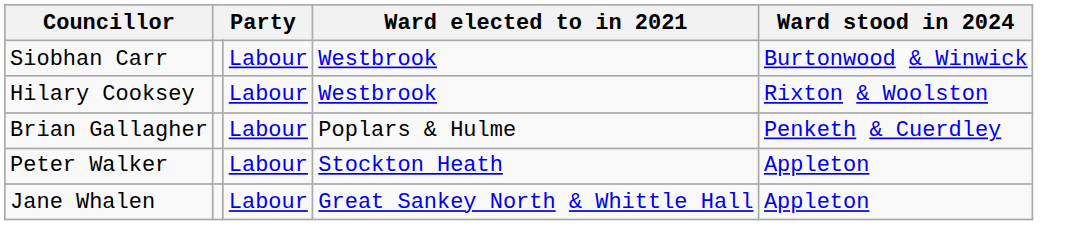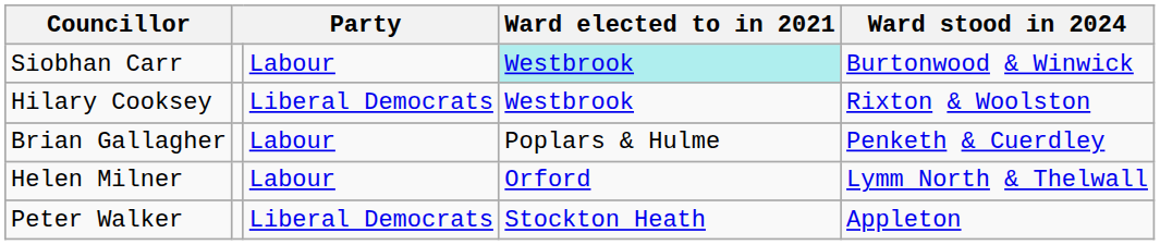 <table class="wikitable sortable">
 <tr>
 <th scope="col">Councillor</th>
 <th colspan="2" scope="col">Party</th>
 <th scope="col">Ward elected to in 2021</th>
 <th scope="col">Ward stood in 2024</th>
 </tr>
 <tr>
 <td>Siobhan Carr</td>
 <td style="color:inherit;background:"></td>
 <td><a href='#'>Labour</a></td>
-<td><a href='#'>Westbrook</a></td>
+<td style="background: paleturquoise;"><a href='#'>Westbrook</a></td>
 <td><a href='#'>Burtonwood</a> <a href='#'>& Winwick</a></td>
 </tr>
 <tr>
 <td>Hilary Cooksey</td>
 <td style="color:inherit;background:"></td>
-<td><a href='#'>Labour</a></td>
+<td><a href='#'>Liberal Democrats</a></td>
 <td><a href='#'>Westbrook</a></td>
 <td><a href='#'>Rixton</a> <a href='#'>& Woolston</a></td>
 </tr>
 <tr>
 <td>Brian Gallagher</td>
 <td style="color:inherit;background:"></td>
 <td><a href='#'>Labour</a></td>
 <td>Poplars & Hulme</td>
 <td><a href='#'>Penketh</a> <a href='#'>& Cuerdley</a></td>
 </tr>
 <tr>
+<td>Helen Milner</td>
+<td style="color:inherit;background:"></td>
+<td><a href='#'>Labour</a></td>
+<td><a href='#'>Orford</a></td>
+<td><a href='#'>Lymm North</a> <a href='#'>& Thelwall</a></td>
+</tr>
+<tr>
 <td>Peter Walker</td>
 <td style="color:inherit;background:"></td>
-<td><a href='#'>Labour</a></td>
+<td><a href='#'>Liberal Democrats</a></td>
 <td><a href='#'>Stockton Heath</a></td>
 <td><a href='#'>Appleton</a></td>
 </tr>
-<tr>
-<td>Jane Whalen</td>
-<td style="color:inherit;background:"></td>
-<td><a href='#'>Labour</a></td>
-<td><a href='#'>Great Sankey North</a> <a href='#'>& Whittle Hall</a></td>
-<td><a href='#'>Appleton</a></td>
-</tr>
 </table>
